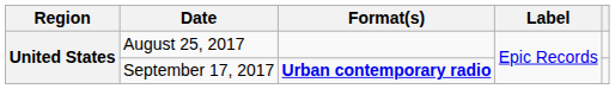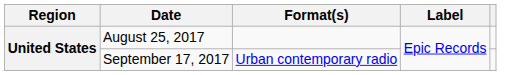 <table class="wikitable plainrowheaders">
 <tr>
 <th scope="col">Region</th>
 <th scope="col">Date</th>
 <th scope="col">Format(s)</th>
 <th scope="col">Label</th>
 <th scope="col"></th>
 </tr>
 <tr>
 <th scope="row" rowspan="2">United States</th>
 <td>August 25, 2017</td>
 <td></td>
 <td rowspan="2"><a href='#'>Epic Records</a></td>
 <td style="text-align:center;"></td>
 </tr>
 <tr>
 <td>September 17, 2017</td>
-<td><strong><a href='#'>Urban contemporary radio</a></strong></td>
+<td><a href='#'>Urban contemporary radio</a></td>
 <td style="text-align:center;"></td>
 </tr>
 </table>
